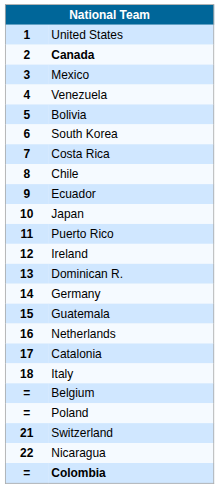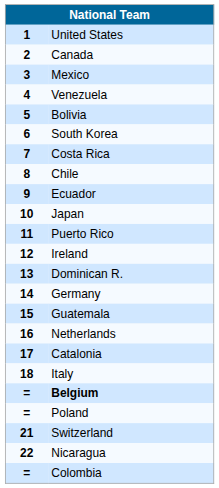 <table align=center cellpadding="4" cellspacing="0" style="background: #f9f9f9; border: 1px #aaa solid; border-collapse: collapse; font-size: 90%;" width=20%>
 <tr align=center bgcolor=#006699 style="color:white;">
 <th width=100% colspan=2>National Team</th>
 </tr>
 <tr align=center bgcolor=#D0E7FF>
 <td><strong>1</strong></td>
 <td align=left> United States</td>
 </tr>
 <tr align=center bgcolor=#F5FAFF>
 <td><strong>2</strong></td>
-<td align=left><strong> Canada</strong></td>
+<td align=left> Canada</td>
 </tr>
 <tr align=center bgcolor=#D0E7FF>
 <td><strong>3</strong></td>
 <td align=left> Mexico</td>
 </tr>
 <tr align=center bgcolor=#F5FAFF>
 <td><strong>4</strong></td>
 <td align=left> Venezuela</td>
 </tr>
 <tr align=center bgcolor=#D0E7FF>
 <td><strong>5</strong></td>
 <td align=left> Bolivia</td>
 </tr>
 <tr align=center bgcolor=#F5FAFF>
 <td><strong>6</strong></td>
 <td align=left> South Korea</td>
 </tr>
 <tr align=center bgcolor=#D0E7FF>
 <td><strong>7</strong></td>
 <td align=left> Costa Rica</td>
 </tr>
 <tr align=center bgcolor=#F5FAFF>
 <td><strong>8</strong></td>
 <td align=left> Chile</td>
 </tr>
 <tr align=center bgcolor=#D0E7FF>
 <td><strong>9</strong></td>
 <td align=left> Ecuador</td>
 </tr>
 <tr align=center bgcolor=#F5FAFF>
 <td><strong>10</strong></td>
 <td align=left> Japan</td>
 </tr>
 <tr align=center bgcolor=#D0E7FF>
 <td><strong>11</strong></td>
 <td align=left> Puerto Rico</td>
 </tr>
 <tr align=center bgcolor=#F5FAFF>
 <td><strong>12</strong></td>
 <td align=left> Ireland</td>
 </tr>
 <tr align=center bgcolor=#D0E7FF>
 <td><strong>13</strong></td>
 <td align=left> Dominican R.</td>
 </tr>
 <tr align=center bgcolor=#F5FAFF>
 <td><strong>14</strong></td>
 <td align=left> Germany</td>
 </tr>
 <tr align=center bgcolor=#D0E7FF>
 <td><strong>15</strong></td>
 <td align=left> Guatemala</td>
 </tr>
 <tr align=center bgcolor=#F5FAFF>
 <td><strong>16</strong></td>
 <td align=left> Netherlands</td>
 </tr>
 <tr align=center bgcolor=#D0E7FF>
 <td><strong>17</strong></td>
 <td align=left> Catalonia</td>
 </tr>
 <tr align=center bgcolor=#F5FAFF>
 <td><strong>18</strong></td>
 <td align=left> Italy</td>
 </tr>
 <tr align=center bgcolor=#D0E7FF>
 <td><strong>=</strong></td>
-<td align=left> Belgium</td>
+<td align=left><strong> Belgium</strong></td>
 </tr>
 <tr align=center bgcolor=#F5FAFF>
 <td><strong>=</strong></td>
 <td align=left> Poland</td>
 </tr>
 <tr align=center bgcolor=#D0E7FF>
 <td><strong>21</strong></td>
 <td align=left> Switzerland</td>
 </tr>
 <tr align=center bgcolor=#F5FAFF>
 <td><strong>22</strong></td>
 <td align=left> Nicaragua</td>
 </tr>
 <tr align=center bgcolor=#D0E7FF>
 <td><strong>=</strong></td>
-<td align=left><strong> Colombia</strong></td>
+<td align=left> Colombia</td>
 </tr>
 </table>
